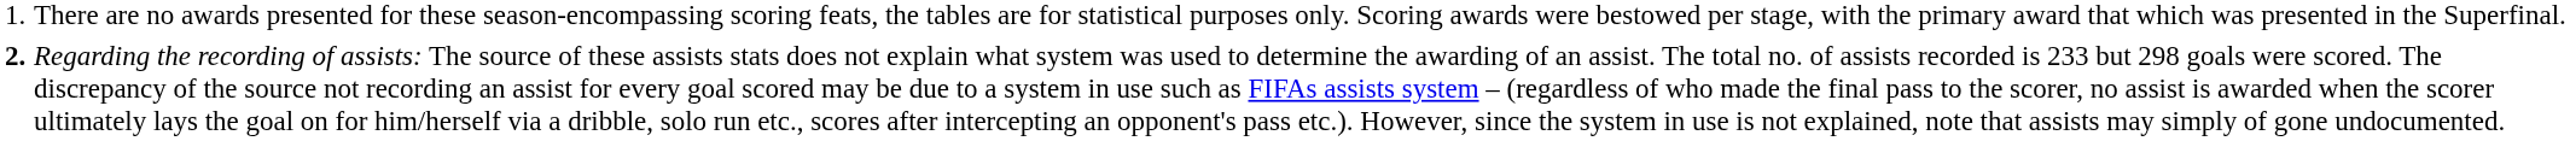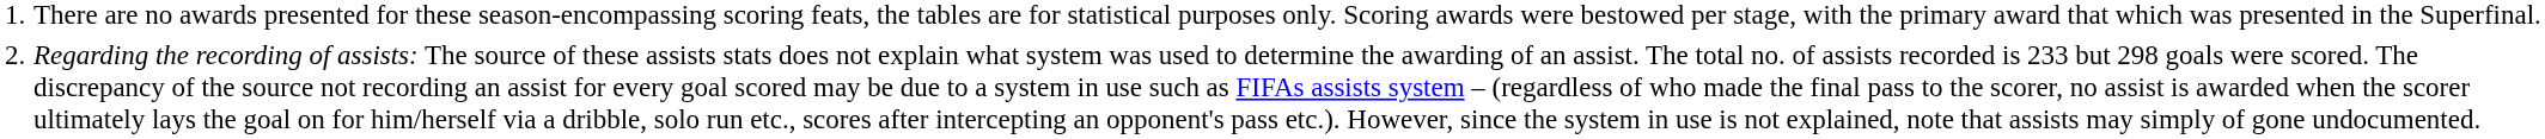 <table class="mw-collapsible mw-collapsed" style="text-align: left;font-size:85%; ">
 <tr>
 <td valign=top>1.</td>
 <td>There are no awards presented for these season-encompassing scoring feats, the tables are for statistical purposes only. Scoring awards were bestowed per stage, with the primary award that which was presented in the Superfinal.</td>
 </tr>
 <tr>
-<td valign=top><strong>2.</strong></td>
+<td valign=top>2.</td>
 <td><em>Regarding the recording of assists:</em> The source of these assists stats does not explain what system was used to determine the awarding of an assist. The total no. of assists recorded is 233 but 298 goals were scored. The discrepancy of the source not recording an assist for every goal scored may be due to a system in use such as <a href='#'>FIFAs assists system</a> – (regardless of who made the final pass to the scorer, no assist is awarded when the scorer ultimately lays the goal on for him/herself via a dribble, solo run etc., scores after intercepting an opponent's pass etc.). However, since the system in use is not explained, note that assists may simply of gone undocumented.</td>
 </tr>
 </table>
